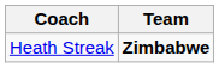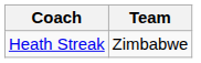 <table class="wikitable">
 <tr>
 <th>Coach</th>
 <th>Team</th>
 </tr>
 <tr>
 <td><a href='#'>Heath Streak</a></td>
-<td><strong>Zimbabwe</strong></td>
+<td>Zimbabwe</td>
 </tr>
 </table>
